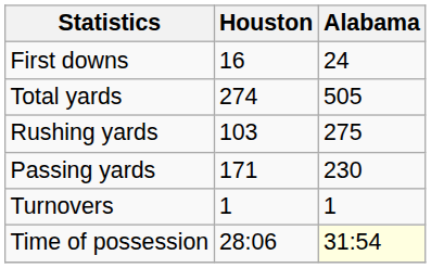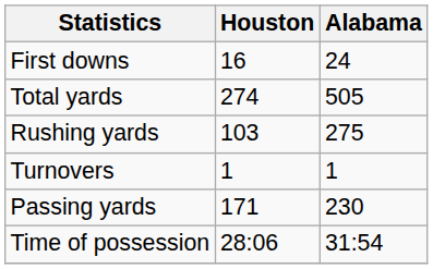 <table class="wikitable" style="float: left;">
 <tr>
 <th>Statistics</th>
 <th>Houston</th>
 <th>Alabama</th>
 </tr>
 <tr>
 <td>First downs</td>
 <td>16</td>
 <td>24</td>
 </tr>
 <tr>
 <td>Total yards</td>
 <td>274</td>
 <td>505</td>
 </tr>
 <tr>
 <td>Rushing yards</td>
 <td>103</td>
 <td>275</td>
 </tr>
 <tr>
+<td>Turnovers</td>
+<td>1</td>
+<td>1</td>
+</tr>
+<tr>
 <td>Passing yards</td>
 <td>171</td>
 <td>230</td>
 </tr>
 <tr>
-<td>Turnovers</td>
-<td>1</td>
-<td>1</td>
-</tr>
-<tr>
 <td>Time of possession</td>
 <td>28:06</td>
-<td style="background: lightyellow;">31:54</td>
+<td>31:54</td>
 </tr>
 <tr>
 </tr>
 </table>
